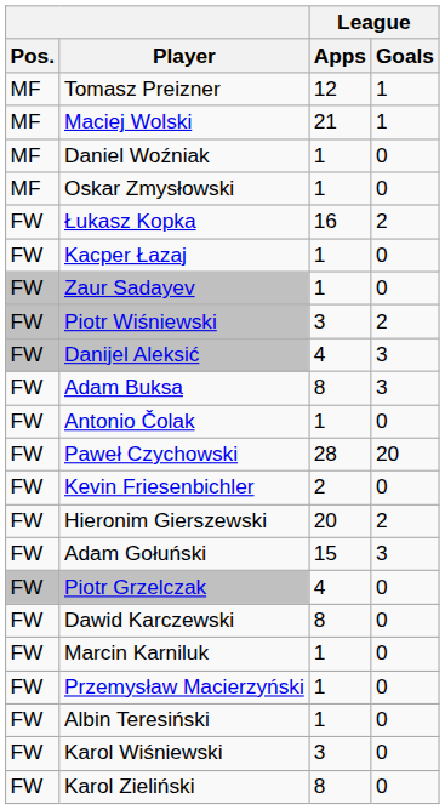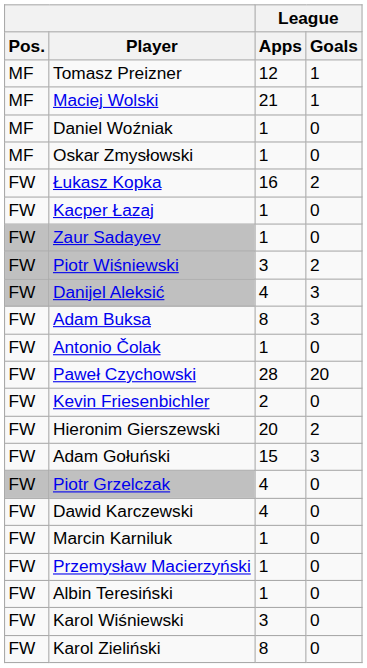 <table class="wikitable" style="display: inline-table;">
 <tr>
 <th colspan="2"></th>
 <th colspan="2">League</th>
 </tr>
 <tr>
 <th>Pos.</th>
 <th>Player</th>
 <th>Apps</th>
 <th>Goals</th>
 </tr>
 <tr>
 <td>MF</td>
 <td>Tomasz Preizner</td>
 <td>12</td>
 <td>1</td>
 </tr>
 <tr>
 <td>MF</td>
 <td><a href='#'>Maciej Wolski</a></td>
 <td>21</td>
 <td>1</td>
 </tr>
 <tr>
 <td>MF</td>
 <td>Daniel Woźniak</td>
 <td>1</td>
 <td>0</td>
 </tr>
 <tr>
 <td>MF</td>
 <td>Oskar Zmysłowski</td>
 <td>1</td>
 <td>0</td>
 </tr>
 <tr>
 <td>FW</td>
 <td><a href='#'>Łukasz Kopka</a></td>
 <td>16</td>
 <td>2</td>
 </tr>
 <tr>
 <td>FW</td>
 <td><a href='#'>Kacper Łazaj</a></td>
 <td>1</td>
 <td>0</td>
 </tr>
 <tr>
 <td bgcolor=silver >FW</td>
 <td bgcolor=silver ><a href='#'>Zaur Sadayev</a></td>
 <td>1</td>
 <td>0</td>
 </tr>
 <tr>
 <td bgcolor=silver >FW</td>
 <td bgcolor=silver ><a href='#'>Piotr Wiśniewski</a></td>
 <td>3</td>
 <td>2</td>
 </tr>
 <tr>
 <td bgcolor=silver >FW</td>
 <td bgcolor=silver ><a href='#'>Danijel Aleksić</a></td>
 <td>4</td>
 <td>3</td>
 </tr>
 <tr>
 <td>FW</td>
 <td><a href='#'>Adam Buksa</a></td>
 <td>8</td>
 <td>3</td>
 </tr>
 <tr>
 <td>FW</td>
 <td><a href='#'>Antonio Čolak</a></td>
 <td>1</td>
 <td>0</td>
 </tr>
 <tr>
 <td>FW</td>
 <td><a href='#'>Paweł Czychowski</a></td>
 <td>28</td>
 <td>20</td>
 </tr>
 <tr>
 <td>FW</td>
 <td><a href='#'>Kevin Friesenbichler</a></td>
 <td>2</td>
 <td>0</td>
 </tr>
 <tr>
 <td>FW</td>
 <td>Hieronim Gierszewski</td>
 <td>20</td>
 <td>2</td>
 </tr>
 <tr>
 <td>FW</td>
 <td>Adam Gołuński</td>
 <td>15</td>
 <td>3</td>
 </tr>
 <tr>
 <td bgcolor=silver >FW</td>
 <td bgcolor=silver ><a href='#'>Piotr Grzelczak</a></td>
 <td>4</td>
 <td>0</td>
 </tr>
 <tr>
 <td>FW</td>
 <td>Dawid Karczewski</td>
-<td>8</td>
+<td>4</td>
 <td>0</td>
 </tr>
 <tr>
 <td>FW</td>
 <td>Marcin Karniluk</td>
 <td>1</td>
 <td>0</td>
 </tr>
 <tr>
 <td>FW</td>
 <td><a href='#'>Przemysław Macierzyński</a></td>
 <td>1</td>
 <td>0</td>
 </tr>
 <tr>
 <td>FW</td>
 <td>Albin Teresiński</td>
 <td>1</td>
 <td>0</td>
 </tr>
 <tr>
 <td>FW</td>
 <td>Karol Wiśniewski</td>
 <td>3</td>
 <td>0</td>
 </tr>
 <tr>
 <td>FW</td>
 <td>Karol Zieliński</td>
 <td>8</td>
 <td>0</td>
 </tr>
 </table>
